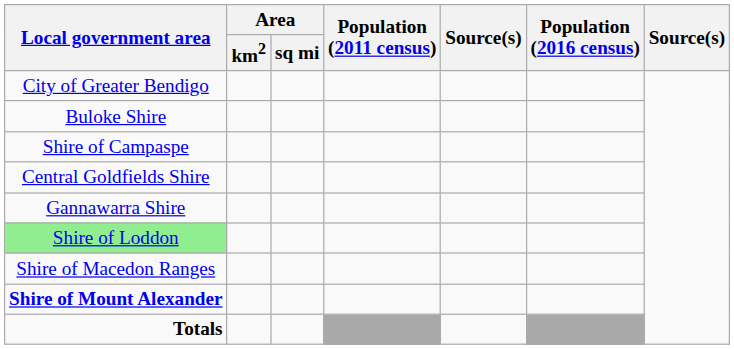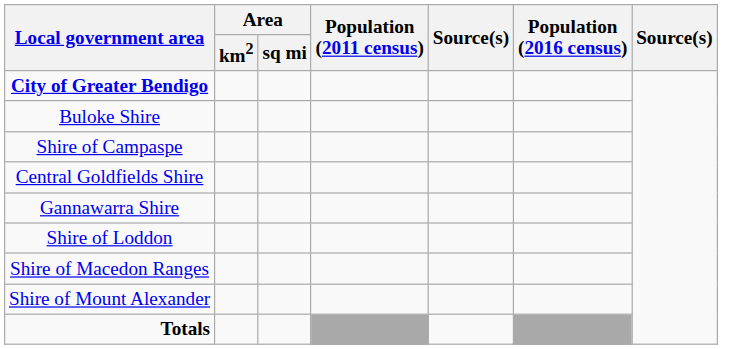 <table class="wikitable sortable plainrowheaders" style="text-align:center;">
 <tr>
 <th scope="col" rowspan="2"><a href='#'>Local government area</a></th>
 <th scope="col" colspan="2">Area</th>
 <th scope="col" rowspan="2">Population<br>(<a href='#'>2011 census</a>)</th>
 <th scope="col" rowspan="2">Source(s)</th>
 <th scope="col" rowspan="2">Population<br>(<a href='#'>2016 census</a>)</th>
 <th scope="col" rowspan="2">Source(s)</th>
 </tr>
 <tr>
 <th scope="col">km<sup>2</sup></th>
 <th scope="col">sq mi</th>
 </tr>
 <tr>
-<td scope="row"><a href='#'>City of Greater Bendigo</a></td>
+<td scope="row"><strong><a href='#'>City of Greater Bendigo</a></strong></td>
 <td></td>
 <td align="right"></td>
 <td></td>
 <td align="right"></td>
 <td></td>
 </tr>
 <tr>
 <td scope="row"><a href='#'>Buloke Shire</a></td>
 <td></td>
 <td align="right"></td>
 <td></td>
 <td align="right"></td>
 <td></td>
 </tr>
 <tr>
 <td scope="row"><a href='#'>Shire of Campaspe</a></td>
 <td></td>
 <td align="right"></td>
 <td></td>
 <td align="right"></td>
 <td></td>
 </tr>
 <tr>
 <td scope="row"><a href='#'>Central Goldfields Shire</a></td>
 <td></td>
 <td align="right"></td>
 <td></td>
 <td align="right"></td>
 <td></td>
 </tr>
 <tr>
 <td scope="row"><a href='#'>Gannawarra Shire</a></td>
 <td></td>
 <td align="right"></td>
 <td></td>
 <td align="right"></td>
 <td></td>
 </tr>
 <tr>
-<td scope="row" style="background: lightgreen;"><a href='#'>Shire of Loddon</a></td>
+<td scope="row"><a href='#'>Shire of Loddon</a></td>
 <td></td>
 <td align="right"></td>
 <td></td>
 <td align="right"></td>
 <td></td>
 </tr>
 <tr>
 <td scope="row"><a href='#'>Shire of Macedon Ranges</a></td>
 <td></td>
 <td align="right"></td>
 <td></td>
 <td align="right"></td>
 <td></td>
 </tr>
 <tr>
-<td scope="row"><strong><a href='#'>Shire of Mount Alexander</a></strong></td>
+<td scope="row"><a href='#'>Shire of Mount Alexander</a></td>
 <td></td>
 <td align="right"></td>
 <td></td>
 <td align="right"></td>
 <td></td>
 </tr>
 <tr>
 <td scope="row" align="right"><strong>Totals</strong></td>
 <td></td>
 <td align="right"><strong></strong></td>
 <td style="background:darkgrey;"></td>
 <td align="right"><strong></strong></td>
 <td style="background:darkgrey;"></td>
 </tr>
 </table>
